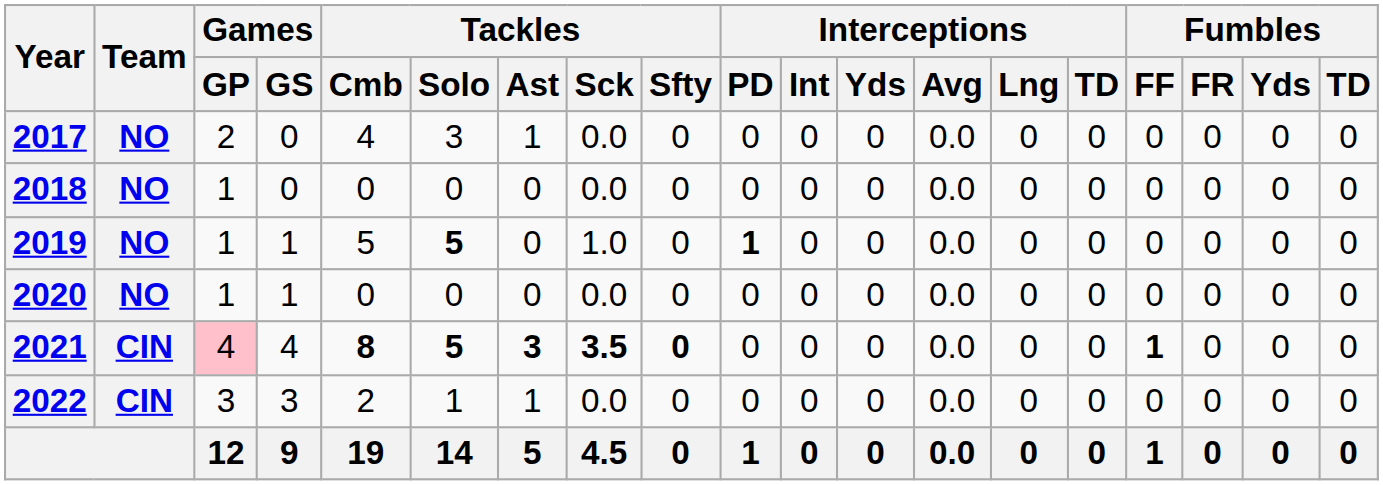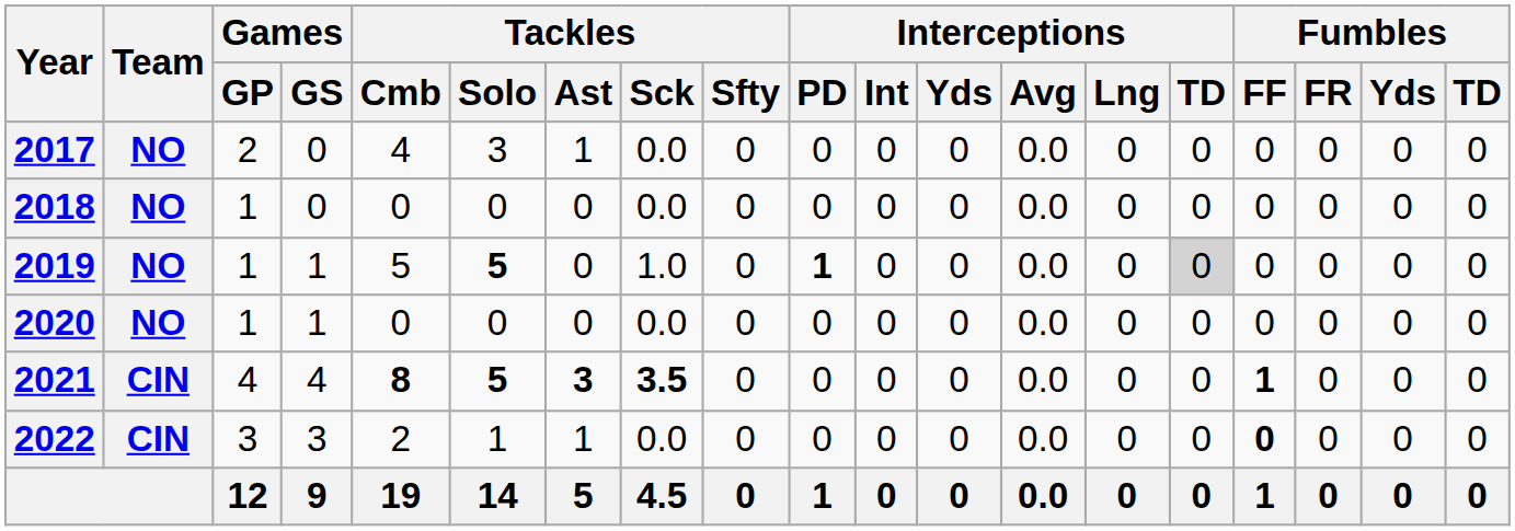 <table class="wikitable" style="text-align:center;">
 <tr>
 <th rowspan="2">Year</th>
 <th rowspan="2">Team</th>
 <th colspan="2">Games</th>
 <th colspan="5">Tackles</th>
 <th colspan="6">Interceptions</th>
 <th colspan="4">Fumbles</th>
 </tr>
 <tr>
 <th>GP</th>
 <th>GS</th>
 <th>Cmb</th>
 <th>Solo</th>
 <th>Ast</th>
 <th>Sck</th>
 <th>Sfty</th>
 <th>PD</th>
 <th>Int</th>
 <th>Yds</th>
 <th>Avg</th>
 <th>Lng</th>
 <th>TD</th>
 <th>FF</th>
 <th>FR</th>
 <th>Yds</th>
 <th>TD</th>
 </tr>
 <tr>
 <th><a href='#'>2017</a></th>
 <th><a href='#'>NO</a></th>
 <td>2</td>
 <td>0</td>
 <td>4</td>
 <td>3</td>
 <td>1</td>
 <td>0.0</td>
 <td>0</td>
 <td>0</td>
 <td>0</td>
 <td>0</td>
 <td>0.0</td>
 <td>0</td>
 <td>0</td>
 <td>0</td>
 <td>0</td>
 <td>0</td>
 <td>0</td>
 </tr>
 <tr>
 <th><a href='#'>2018</a></th>
 <th><a href='#'>NO</a></th>
 <td>1</td>
 <td>0</td>
 <td>0</td>
 <td>0</td>
 <td>0</td>
 <td>0.0</td>
 <td>0</td>
 <td>0</td>
 <td>0</td>
 <td>0</td>
 <td>0.0</td>
 <td>0</td>
 <td>0</td>
 <td>0</td>
 <td>0</td>
 <td>0</td>
 <td>0</td>
 </tr>
 <tr>
 <th><a href='#'>2019</a></th>
 <th><a href='#'>NO</a></th>
 <td>1</td>
 <td>1</td>
 <td>5</td>
 <td><strong>5</strong></td>
 <td>0</td>
 <td>1.0</td>
 <td>0</td>
 <td><strong>1</strong></td>
 <td>0</td>
 <td>0</td>
 <td>0.0</td>
 <td>0</td>
-<td>0</td>
+<td style="background: lightgrey;">0</td>
 <td>0</td>
 <td>0</td>
 <td>0</td>
 <td>0</td>
 </tr>
 <tr>
 <th><a href='#'>2020</a></th>
 <th><a href='#'>NO</a></th>
 <td>1</td>
 <td>1</td>
 <td>0</td>
 <td>0</td>
 <td>0</td>
 <td>0.0</td>
 <td>0</td>
 <td>0</td>
 <td>0</td>
 <td>0</td>
 <td>0.0</td>
 <td>0</td>
 <td>0</td>
 <td>0</td>
 <td>0</td>
 <td>0</td>
 <td>0</td>
 </tr>
 <tr>
 <th><a href='#'>2021</a></th>
 <th><a href='#'>CIN</a></th>
-<td style="background: pink;">4</td>
+<td>4</td>
 <td>4</td>
 <td><strong>8</strong></td>
 <td><strong>5</strong></td>
 <td><strong>3</strong></td>
 <td><strong>3.5</strong></td>
-<td><strong>0</strong></td>
+<td>0</td>
 <td>0</td>
 <td>0</td>
 <td>0</td>
 <td>0.0</td>
 <td>0</td>
 <td>0</td>
 <td><strong>1</strong></td>
 <td>0</td>
 <td>0</td>
 <td>0</td>
 </tr>
 <tr>
 <th><a href='#'>2022</a></th>
 <th><a href='#'>CIN</a></th>
 <td>3</td>
 <td>3</td>
 <td>2</td>
 <td>1</td>
 <td>1</td>
 <td>0.0</td>
 <td>0</td>
 <td>0</td>
 <td>0</td>
 <td>0</td>
 <td>0.0</td>
 <td>0</td>
 <td>0</td>
-<td>0</td>
+<td><strong>0</strong></td>
 <td>0</td>
 <td>0</td>
 <td>0</td>
 </tr>
 <tr>
 <th colspan="2"></th>
 <th>12</th>
 <th>9</th>
 <th>19</th>
 <th>14</th>
 <th>5</th>
 <th>4.5</th>
 <th>0</th>
 <th>1</th>
 <th>0</th>
 <th>0</th>
 <th>0.0</th>
 <th>0</th>
 <th>0</th>
 <th>1</th>
 <th>0</th>
 <th>0</th>
 <th>0</th>
 </tr>
 </table>
